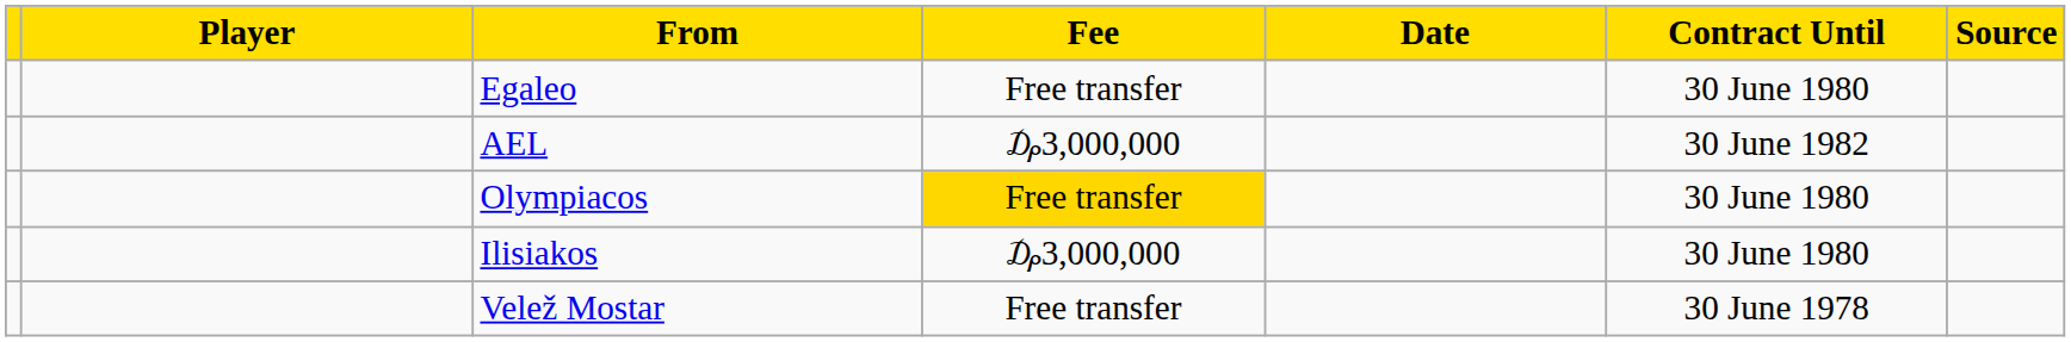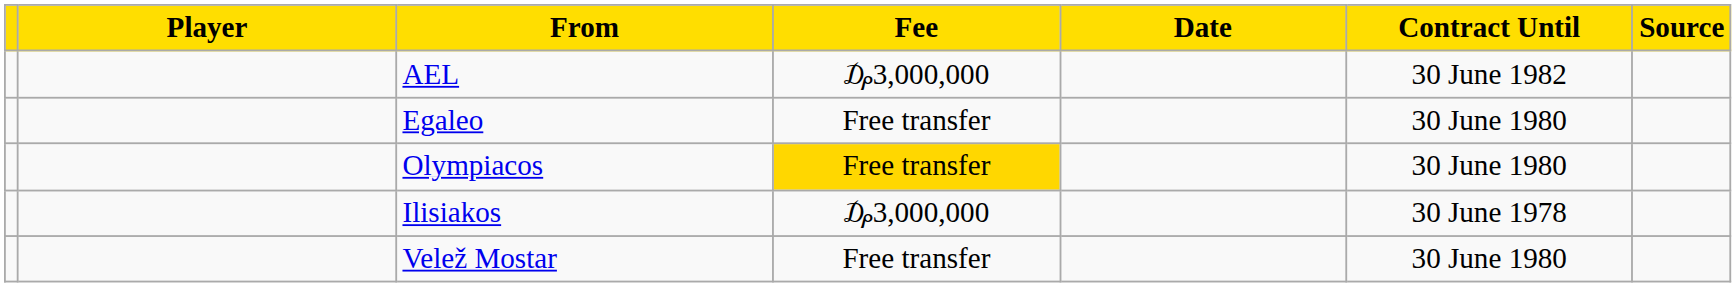 <table class="wikitable sortable">
 <tr>
 <th style="background:#FFDE00"></th>
 <th width=200 style="background:#FFDE00">Player</th>
 <th width=200 style="background:#FFDE00">From</th>
 <th width=150 style="background:#FFDE00">Fee</th>
 <th width=150 style="background:#FFDE00">Date</th>
 <th width=150 style="background:#FFDE00">Contract Until</th>
 <th style="background:#FFDE00">Source</th>
 </tr>
 <tr>
 <td align=center></td>
 <td></td>
-<td> <a href='#'>Egaleo</a></td>
-<td align=center>Free transfer</td>
+<td> <a href='#'>AEL</a></td>
+<td align=center>₯3,000,000</td>
 <td align=center></td>
-<td align=center>30 June 1980</td>
+<td align=center>30 June 1982</td>
 <td align=center></td>
 </tr>
 <tr>
 <td align=center></td>
 <td></td>
-<td> <a href='#'>AEL</a></td>
-<td align=center>₯3,000,000</td>
+<td> <a href='#'>Egaleo</a></td>
+<td align=center>Free transfer</td>
 <td align=center></td>
-<td align=center>30 June 1982</td>
+<td align=center>30 June 1980</td>
 <td align=center></td>
 </tr>
 <tr>
 <td align=center></td>
 <td></td>
 <td> <a href='#'>Olympiacos</a></td>
 <td align=center style="background: gold;">Free transfer</td>
 <td align=center></td>
 <td align=center>30 June 1980</td>
 <td align=center></td>
 </tr>
 <tr>
 <td align=center></td>
 <td></td>
 <td> <a href='#'>Ilisiakos</a></td>
 <td align=center>₯3,000,000</td>
 <td align=center></td>
-<td align=center>30 June 1980</td>
+<td align=center>30 June 1978</td>
 <td align=center></td>
 </tr>
 <tr>
 <td align=center></td>
 <td></td>
 <td> <a href='#'>Velež Mostar</a></td>
 <td align=center>Free transfer</td>
 <td align=center></td>
-<td align=center>30 June 1978</td>
+<td align=center>30 June 1980</td>
 <td align=center></td>
 </tr>
 </table>
